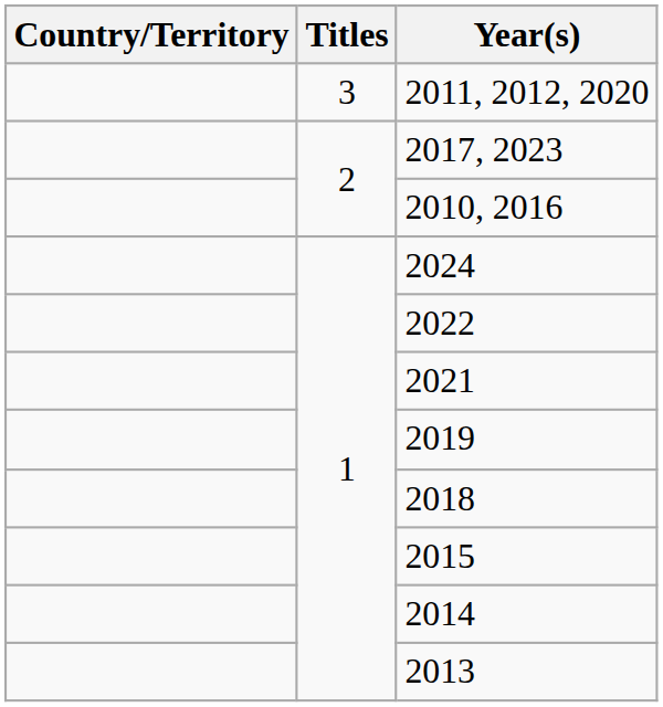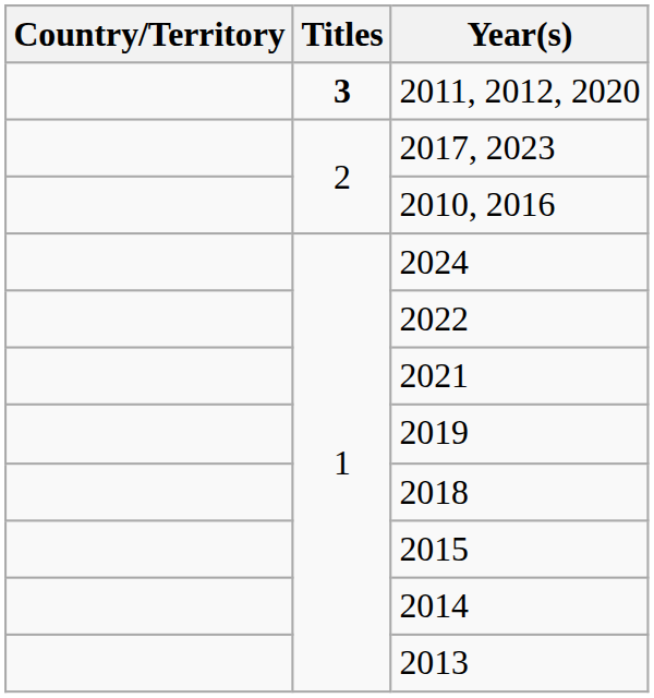 <table class="wikitable sortable" style="font-size: 95%;">
 <tr>
 <th>Country/Territory</th>
 <th>Titles</th>
 <th>Year(s)</th>
 </tr>
 <tr>
 <td></td>
-<td rowspan="1" style="text-align:center;">3</td>
+<td rowspan="1" style="text-align:center;"><strong>3</strong></td>
 <td>2011, 2012, 2020</td>
 </tr>
 <tr>
 <td></td>
 <td rowspan="2" style="text-align:center;">2</td>
 <td>2017, 2023</td>
 </tr>
 <tr>
 <td></td>
 <td>2010, 2016</td>
 </tr>
 <tr>
 <td></td>
 <td rowspan="9" style="text-align:center;">1</td>
 <td>2024</td>
 </tr>
 <tr>
 <td></td>
 <td>2022</td>
 </tr>
 <tr>
 <td></td>
 <td>2021</td>
 </tr>
 <tr>
 <td></td>
 <td>2019</td>
 </tr>
 <tr>
 <td></td>
 <td>2018</td>
 </tr>
 <tr>
 <td></td>
 <td>2015</td>
 </tr>
 <tr>
 <td></td>
 <td>2014</td>
 </tr>
 <tr>
 <td></td>
 <td>2013</td>
 </tr>
 </table>
